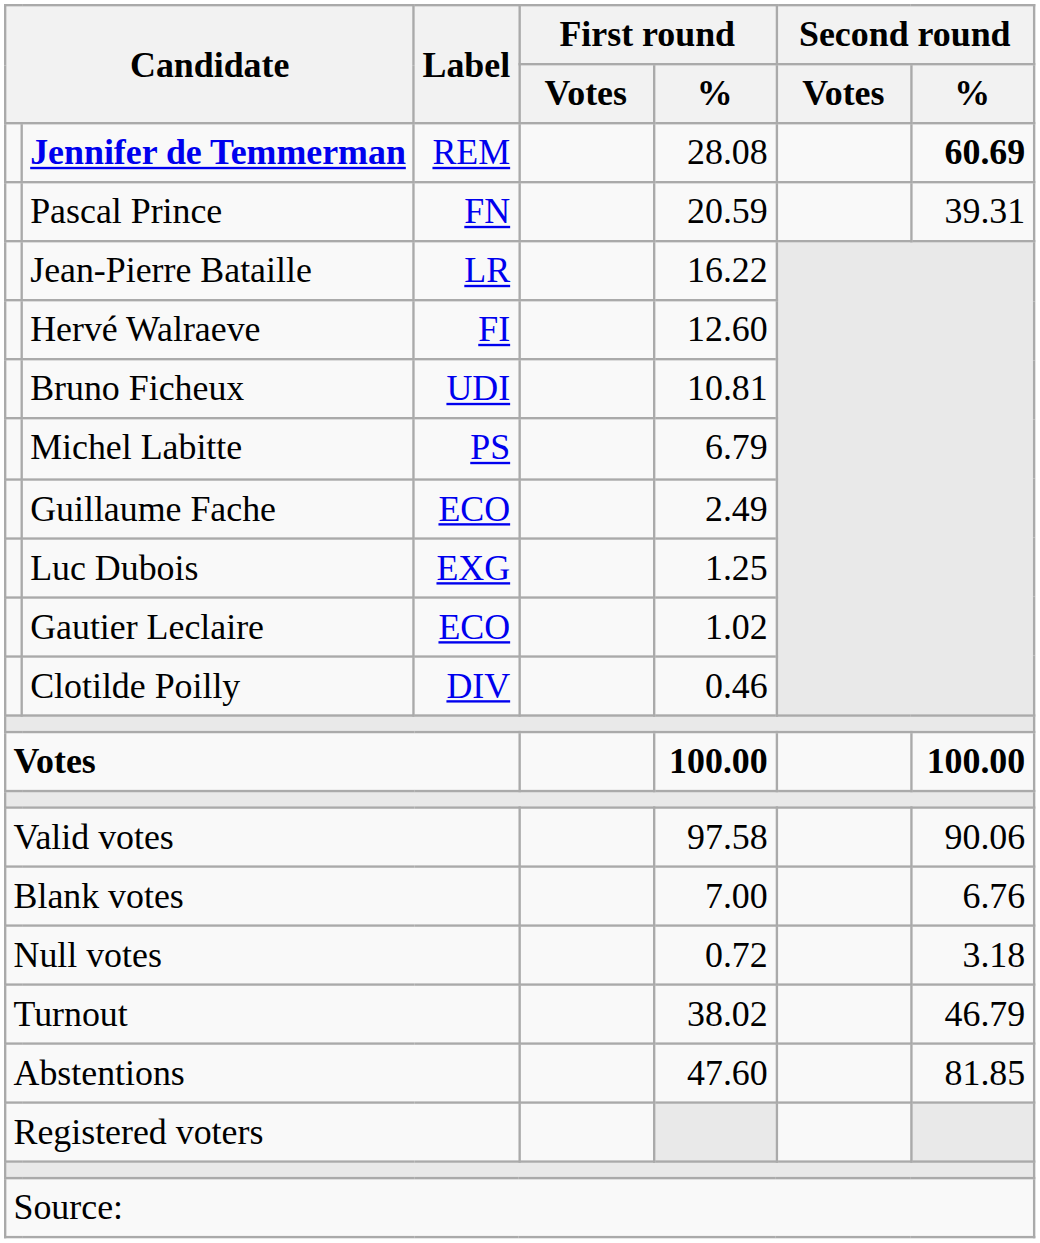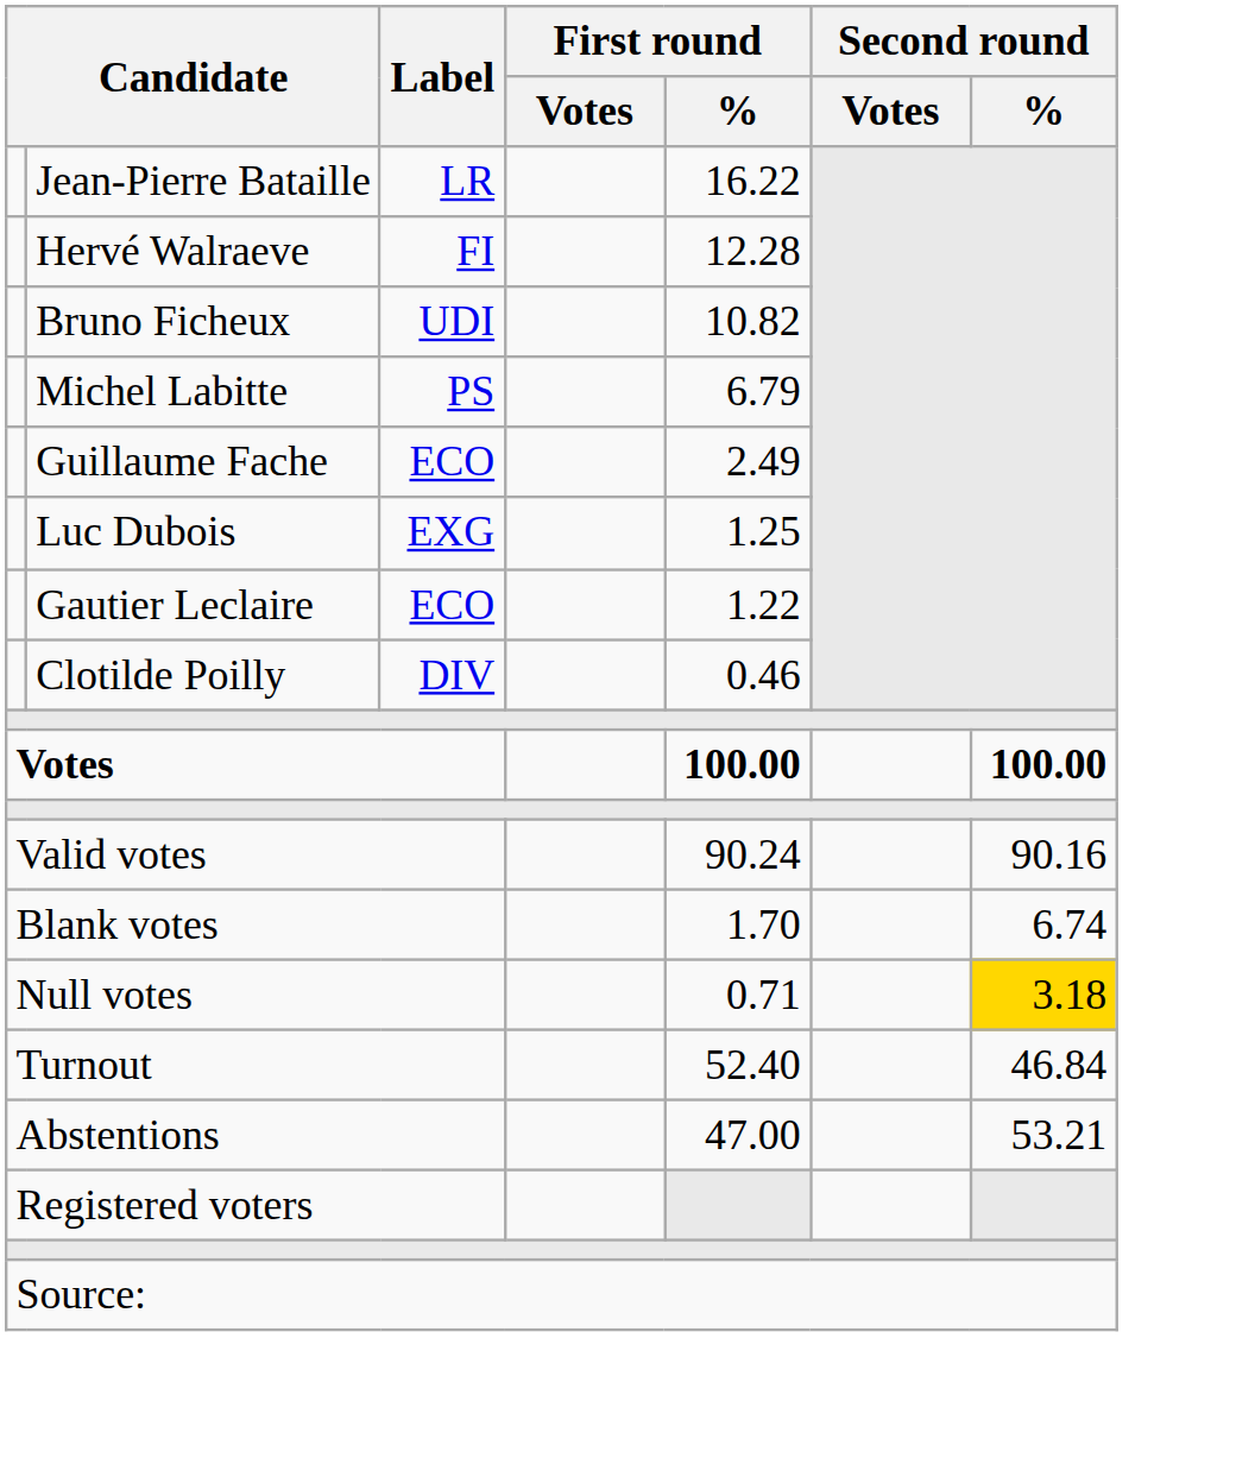 <table class="wikitable" style="text-align:right;font-size:95%;">
 <tr>
 <th rowspan="2" colspan="2">Candidate</th>
 <th rowspan="2">Label</th>
 <th colspan="2">First round</th>
 <th colspan="2">Second round</th>
 </tr>
 <tr>
 <th style="width:50px;">Votes</th>
 <th style="width:45px;">%</th>
 <th style="width:50px;">Votes</th>
 <th style="width:45px;">%</th>
 </tr>
 <tr>
 <td style="color:inherit;background:"></td>
-<td style="text-align:left;"><strong><a href='#'>Jennifer de Temmerman</a></strong></td>
-<td><a href='#'>REM</a></td>
-<td></td>
-<td>28.08</td>
-<td><strong></strong></td>
-<td><strong>60.69</strong></td>
-</tr>
-<tr>
-<td style="color:inherit;background:"></td>
-<td style="text-align:left;">Pascal Prince</td>
-<td><a href='#'>FN</a></td>
-<td></td>
-<td>20.59</td>
-<td></td>
-<td>39.31</td>
-</tr>
-<tr>
-<td style="color:inherit;background:"></td>
 <td style="text-align:left;">Jean-Pierre Bataille</td>
 <td><a href='#'>LR</a></td>
 <td></td>
 <td>16.22</td>
 <td colspan="2" rowspan="8" style="background:#E9E9E9;"></td>
 </tr>
 <tr>
 <td style="color:inherit;background:"></td>
 <td style="text-align:left;">Hervé Walraeve</td>
 <td><a href='#'>FI</a></td>
 <td></td>
-<td>12.60</td>
+<td>12.28</td>
 </tr>
 <tr>
 <td style="color:inherit;background:"></td>
 <td style="text-align:left;">Bruno Ficheux</td>
 <td><a href='#'>UDI</a></td>
 <td></td>
-<td>10.81</td>
+<td>10.82</td>
 </tr>
 <tr>
 <td style="color:inherit;background:"></td>
 <td style="text-align:left;">Michel Labitte</td>
 <td><a href='#'>PS</a></td>
 <td></td>
 <td>6.79</td>
 </tr>
 <tr>
 <td style="color:inherit;background:"></td>
 <td style="text-align:left;">Guillaume Fache</td>
 <td><a href='#'>ECO</a></td>
 <td></td>
 <td>2.49</td>
 </tr>
 <tr>
 <td style="color:inherit;background:"></td>
 <td style="text-align:left;">Luc Dubois</td>
 <td><a href='#'>EXG</a></td>
 <td></td>
 <td>1.25</td>
 </tr>
 <tr>
 <td style="color:inherit;background:"></td>
 <td style="text-align:left;">Gautier Leclaire</td>
 <td><a href='#'>ECO</a></td>
 <td></td>
-<td>1.02</td>
+<td>1.22</td>
 </tr>
 <tr>
 <td style="color:inherit;background:"></td>
 <td style="text-align:left;">Clotilde Poilly</td>
 <td><a href='#'>DIV</a></td>
 <td></td>
 <td>0.46</td>
 </tr>
 <tr>
 <td colspan="7" style="background:#E9E9E9;"></td>
 </tr>
 <tr style="font-weight:bold;">
 <td colspan="3" style="text-align:left;">Votes</td>
 <td></td>
 <td>100.00</td>
 <td></td>
 <td>100.00</td>
 </tr>
 <tr>
 <td colspan="7" style="background:#E9E9E9;"></td>
 </tr>
 <tr>
 <td colspan="3" style="text-align:left;">Valid votes</td>
 <td></td>
-<td>97.58</td>
+<td>90.24</td>
 <td></td>
-<td>90.06</td>
+<td>90.16</td>
 </tr>
 <tr>
 <td colspan="3" style="text-align:left;">Blank votes</td>
 <td></td>
-<td>7.00</td>
+<td>1.70</td>
 <td></td>
-<td>6.76</td>
+<td>6.74</td>
 </tr>
 <tr>
 <td colspan="3" style="text-align:left;">Null votes</td>
 <td></td>
-<td>0.72</td>
+<td>0.71</td>
 <td></td>
-<td>3.18</td>
+<td style="background: gold;">3.18</td>
 </tr>
 <tr>
 <td colspan="3" style="text-align:left;">Turnout</td>
 <td></td>
-<td>38.02</td>
+<td>52.40</td>
 <td></td>
-<td>46.79</td>
+<td>46.84</td>
 </tr>
 <tr>
 <td colspan="3" style="text-align:left;">Abstentions</td>
 <td></td>
-<td>47.60</td>
+<td>47.00</td>
 <td></td>
-<td>81.85</td>
+<td>53.21</td>
 </tr>
 <tr>
 <td colspan="3" style="text-align:left;">Registered voters</td>
 <td></td>
 <td style="background:#E9E9E9;"></td>
 <td></td>
 <td style="background:#E9E9E9;"></td>
 </tr>
 <tr>
 <td colspan="7" style="background:#E9E9E9;"></td>
 </tr>
 <tr>
 <td colspan="7" style="text-align:left;">Source: </td>
 </tr>
 </table>
